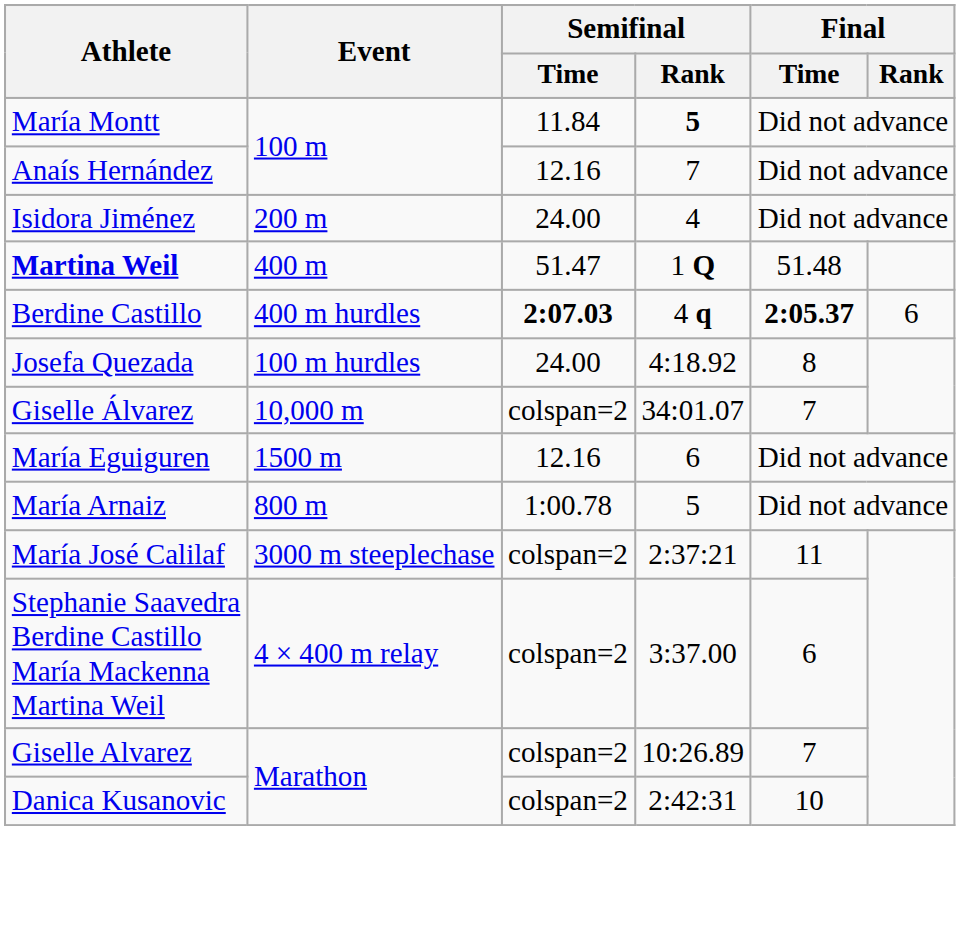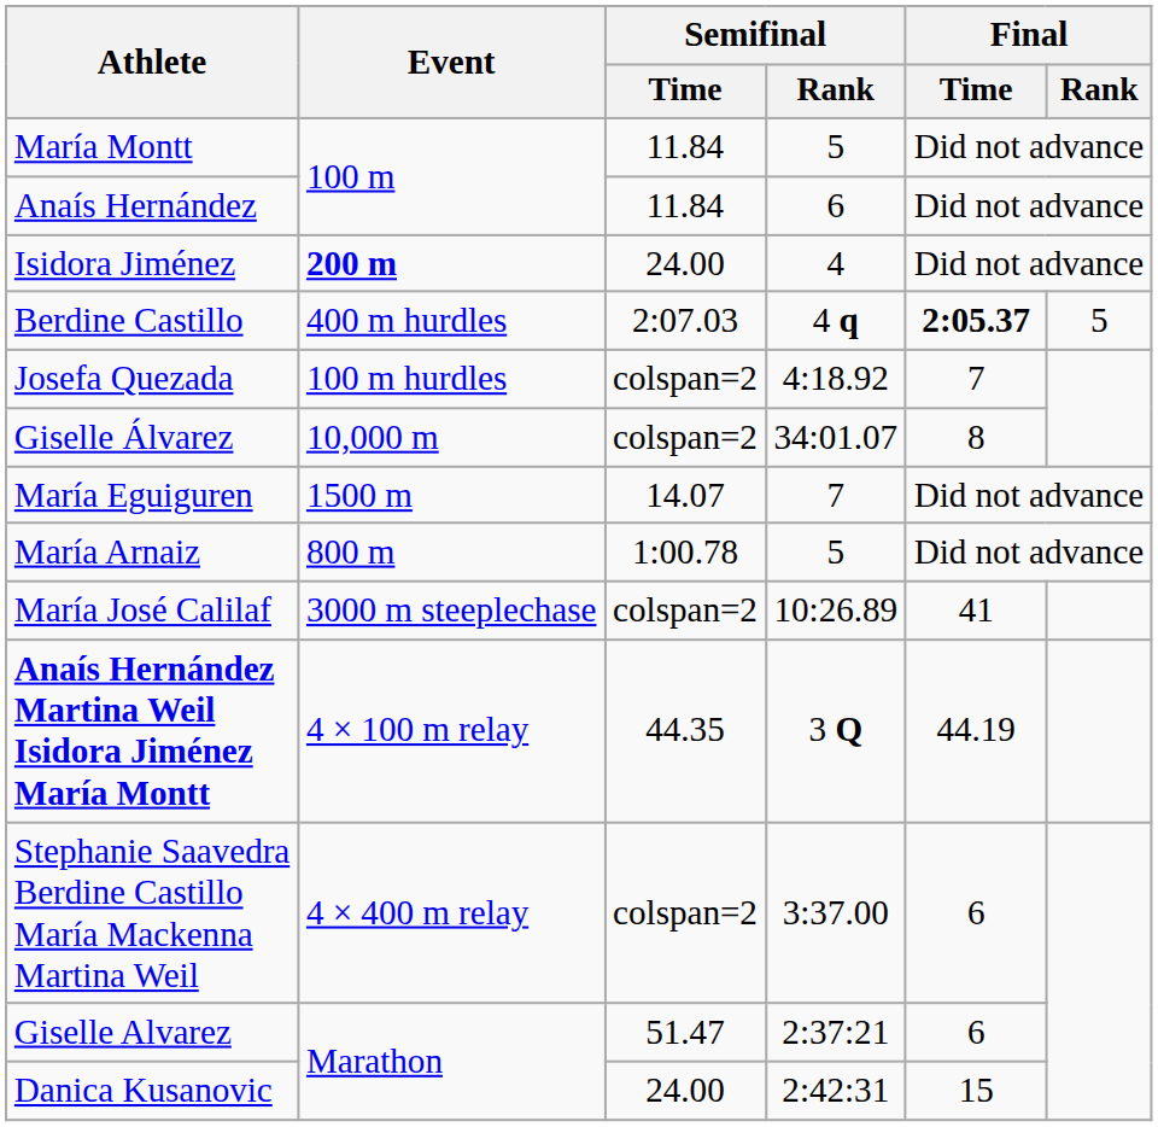 <table class=wikitable style=font-size:90%;text-align:center>
 <tr>
 <th rowspan=2>Athlete</th>
 <th rowspan=2>Event</th>
 <th colspan=2>Semifinal</th>
 <th colspan=2>Final</th>
 </tr>
 <tr style=font-size:95%>
 <th>Time</th>
 <th>Rank</th>
 <th>Time</th>
 <th>Rank</th>
 </tr>
 <tr style="text-align:center">
 <td style="text-align:left"><a href='#'>María Montt</a></td>
 <td style="text-align:left" rowspan=2><a href='#'>100 m</a></td>
 <td>11.84</td>
-<td><strong>5</strong></td>
+<td>5</td>
 <td colspan="2">Did not advance</td>
 </tr>
 <tr style="text-align:center">
 <td style="text-align:left"><a href='#'>Anaís Hernández</a></td>
-<td>12.16</td>
-<td>7</td>
+<td>11.84</td>
+<td>6</td>
 <td colspan="2">Did not advance</td>
 </tr>
 <tr style="text-align:center">
 <td style="text-align:left"><a href='#'>Isidora Jiménez</a></td>
-<td style="text-align:left"><a href='#'>200 m</a></td>
+<td style="text-align:left"><strong><a href='#'>200 m</a></strong></td>
 <td>24.00</td>
 <td>4</td>
 <td colspan="2">Did not advance</td>
 </tr>
 <tr style="text-align:center">
-<td style="text-align:left"><strong><a href='#'>Martina Weil</a></strong></td>
-<td style="text-align:left"><a href='#'>400 m</a></td>
-<td>51.47</td>
-<td>1 <strong>Q</strong></td>
-<td>51.48</td>
-<td></td>
-</tr>
-<tr style="text-align:center">
 <td style="text-align:left"><a href='#'>Berdine Castillo</a></td>
 <td style="text-align:left"><a href='#'>400 m hurdles</a></td>
-<td><strong>2:07.03</strong></td>
+<td>2:07.03</td>
 <td>4 <strong>q</strong></td>
 <td><strong>2:05.37</strong></td>
-<td>6</td>
+<td>5</td>
 </tr>
 <tr style="text-align:center">
 <td style="text-align:left"><a href='#'>Josefa Quezada</a></td>
 <td style="text-align:left"><a href='#'>100 m hurdles</a></td>
-<td>24.00</td>
+<td>colspan=2 </td>
 <td>4:18.92</td>
-<td>8</td>
+<td>7</td>
 </tr>
 <tr style="text-align:center">
 <td style="text-align:left"><a href='#'>Giselle Álvarez</a></td>
 <td style="text-align:left"><a href='#'>10,000 m</a></td>
 <td>colspan=2 </td>
 <td>34:01.07</td>
-<td>7</td>
+<td>8</td>
 </tr>
 <tr style="text-align:center">
 <td style="text-align:left"><a href='#'>María Eguiguren</a></td>
 <td style="text-align:left" rowspan=1><a href='#'>1500 m</a></td>
-<td>12.16</td>
-<td>6</td>
+<td>14.07</td>
+<td>7</td>
 <td colspan="2">Did not advance</td>
 </tr>
 <tr style="text-align:center">
 <td style="text-align:left"><a href='#'>María Arnaiz</a></td>
 <td style="text-align:left"><a href='#'>800 m</a></td>
 <td>1:00.78</td>
 <td>5</td>
 <td colspan="2">Did not advance</td>
 </tr>
 <tr style="text-align:center">
 <td style="text-align:left"><a href='#'>María José Calilaf</a></td>
 <td style="text-align:left"><a href='#'>3000 m steeplechase</a></td>
 <td>colspan=2 </td>
-<td>2:37:21</td>
-<td>11</td>
+<td>10:26.89</td>
+<td>41</td>
+</tr>
+<tr style="text-align:center">
+<td style="text-align:left"><strong><a href='#'>Anaís Hernández</a><br><a href='#'>Martina Weil</a><br><a href='#'>Isidora Jiménez</a><br><a href='#'>María Montt</a></strong></td>
+<td style="text-align:left"><a href='#'>4 × 100 m relay</a></td>
+<td>44.35</td>
+<td>3 <strong>Q</strong></td>
+<td>44.19</td>
+<td></td>
 </tr>
 <tr style="text-align:center">
 <td style="text-align:left"><a href='#'>Stephanie Saavedra</a><br><a href='#'>Berdine Castillo</a><br><a href='#'>María Mackenna</a><br><a href='#'>Martina Weil</a></td>
 <td style="text-align:left"><a href='#'>4 × 400 m relay</a></td>
 <td>colspan=2 </td>
 <td>3:37.00</td>
 <td>6</td>
 </tr>
 <tr style="text-align:center">
 <td style="text-align:left"><a href='#'>Giselle Alvarez</a></td>
 <td style="text-align:left" rowspan=2><a href='#'>Marathon</a></td>
-<td>colspan=2 </td>
-<td>10:26.89</td>
-<td>7</td>
+<td>51.47</td>
+<td>2:37:21</td>
+<td>6</td>
 </tr>
 <tr style="text-align:center">
 <td style="text-align:left"><a href='#'>Danica Kusanovic</a></td>
-<td>colspan=2 </td>
+<td>24.00</td>
 <td>2:42:31</td>
-<td>10</td>
+<td>15</td>
 </tr>
 </table>
